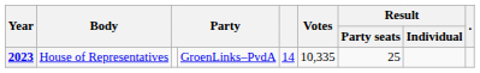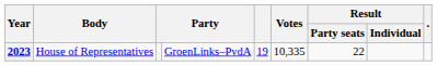 <table class="wikitable plainrowheaders sortable" border=2 cellpadding=4 cellspacing=0 style="border: 1px #aaa solid; font-size: 90%; text-align:center;">
 <tr>
 <th scope="col" rowspan=2>Year</th>
 <th scope="col" rowspan=2>Body</th>
 <th scope="col" colspan=2 rowspan=2>Party</th>
 <th scope="col" rowspan=2></th>
 <th scope="col" rowspan=2>Votes</th>
 <th scope="colgroup" colspan=2>Result</th>
 <th scope="col" rowspan=2 class="unsortable">.</th>
 </tr>
 <tr>
 <th scope="col">Party seats</th>
 <th scope="col">Individual</th>
 </tr>
 <tr>
 <th scope="row"><a href='#'>2023</a></th>
 <td><a href='#'>House of Representatives</a></td>
 <td style="background-color:"></td>
 <td><a href='#'>GroenLinks–PvdA</a></td>
-<td style=text-align:right><a href='#'>14</a></td>
+<td style=text-align:right><a href='#'>19</a></td>
 <td style=text-align:right>10,335</td>
-<td style=text-align:right>25</td>
+<td style=text-align:right>22</td>
 <td></td>
 <td></td>
 </tr>
 </table>
